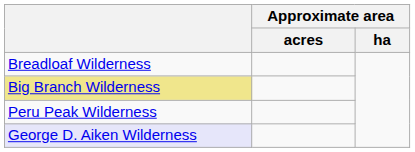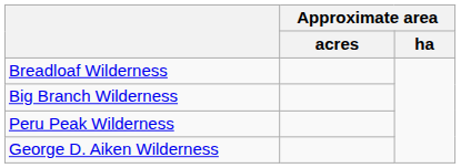 <table class="wikitable">
 <tr>
 <th scope="col" style="width: 16em;" rowspan=2></th>
 <th scope="col" style="width: 10em;" colspan=2>Approximate area</th>
 </tr>
 <tr>
 <th>acres</th>
 <th>ha</th>
 </tr>
 <tr>
 <td scope=row><a href='#'>Breadloaf Wilderness</a></td>
 <td></td>
 </tr>
 <tr>
-<td scope=row style="background: khaki;"><a href='#'>Big Branch Wilderness</a></td>
+<td scope=row><a href='#'>Big Branch Wilderness</a></td>
 <td></td>
 </tr>
 <tr>
 <td scope=row><a href='#'>Peru Peak Wilderness</a></td>
 <td></td>
 </tr>
 <tr>
-<td scope=row style="background: lavender;"><a href='#'>George D. Aiken Wilderness</a></td>
+<td scope=row><a href='#'>George D. Aiken Wilderness</a></td>
 <td></td>
 </tr>
 </table>
